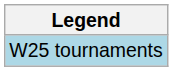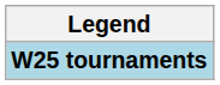 <table class="wikitable" style="font-size:85%">
 <tr>
 <th>Legend</th>
 </tr>
 <tr style="background:lightblue;">
-<td>W25 tournaments</td>
+<td><strong>W25 tournaments</strong></td>
 </tr>
 </table>
